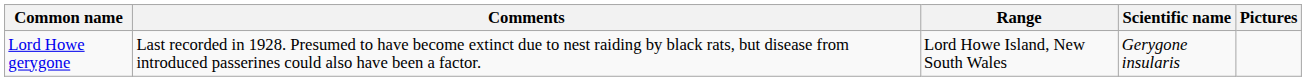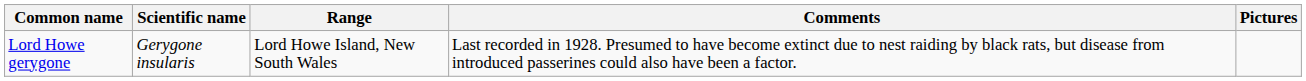 <table class="wikitable">
 <tr>
 <th>Common name</th>
+<th>Scientific name</th>
+<th>Range</th>
 <th class="unsortable">Comments</th>
-<th>Range</th>
-<th>Scientific name</th>
 <th class="unsortable">Pictures</th>
 </tr>
 <tr>
 <td><a href='#'>Lord Howe gerygone</a></td>
+<td><em>Gerygone insularis</em></td>
+<td>Lord Howe Island, New South Wales</td>
 <td>Last recorded in 1928. Presumed to have become extinct due to nest raiding by black rats, but disease from introduced passerines could also have been a factor.</td>
-<td>Lord Howe Island, New South Wales</td>
-<td><em>Gerygone insularis</em></td>
 <td></td>
 </tr>
 </table>
